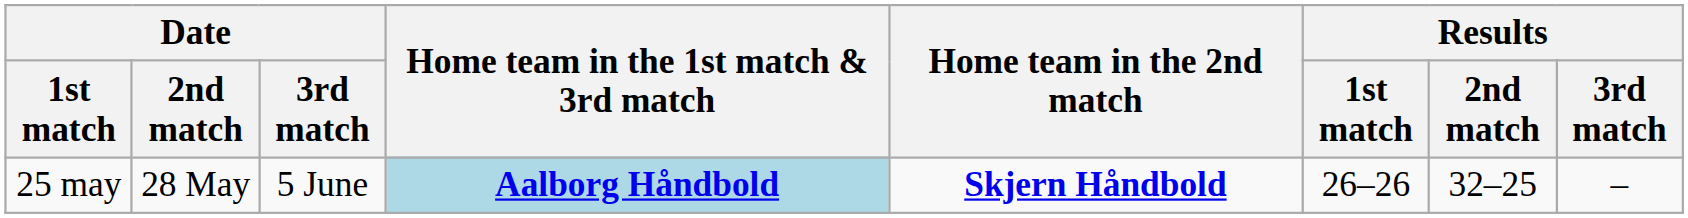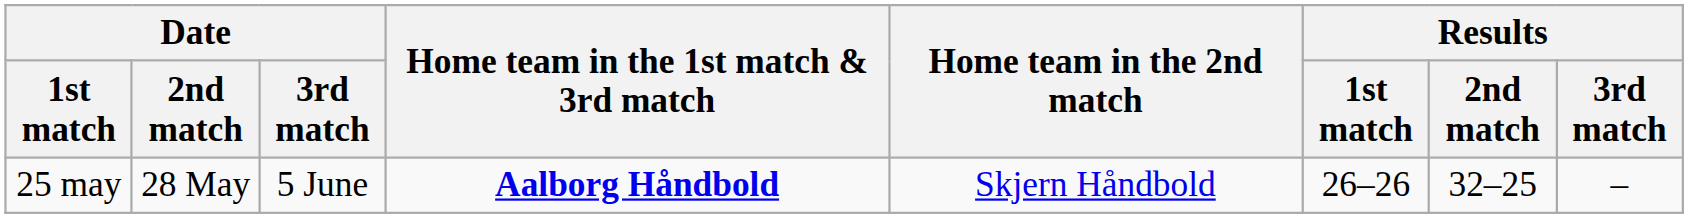 <table class="wikitable" style="text-align:center; margin-left:1em;">
 <tr>
 <th colspan="3">Date</th>
 <th rowspan="2" style="width:220px;">Home team in the 1st match & 3rd match</th>
 <th rowspan="2" style="width:180px;">Home team in the 2nd match</th>
 <th colspan="3">Results</th>
 </tr>
 <tr>
 <th style="width:50px;">1st match</th>
 <th style="width:50px;">2nd match</th>
 <th style="width:50px;">3rd match</th>
 <th style="width:50px;">1st match</th>
 <th style="width:50px;">2nd match</th>
 <th style="width:50px;">3rd match</th>
 </tr>
 <tr>
 <td>25 may</td>
 <td>28 May</td>
 <td>5 June</td>
-<td style="background: lightblue;"><strong><a href='#'>Aalborg Håndbold</a></strong></td>
-<td><strong><a href='#'>Skjern Håndbold</a></strong></td>
+<td><strong><a href='#'>Aalborg Håndbold</a></strong></td>
+<td><a href='#'>Skjern Håndbold</a></td>
 <td>26–26</td>
 <td>32–25</td>
 <td>–</td>
 </tr>
 </table>
